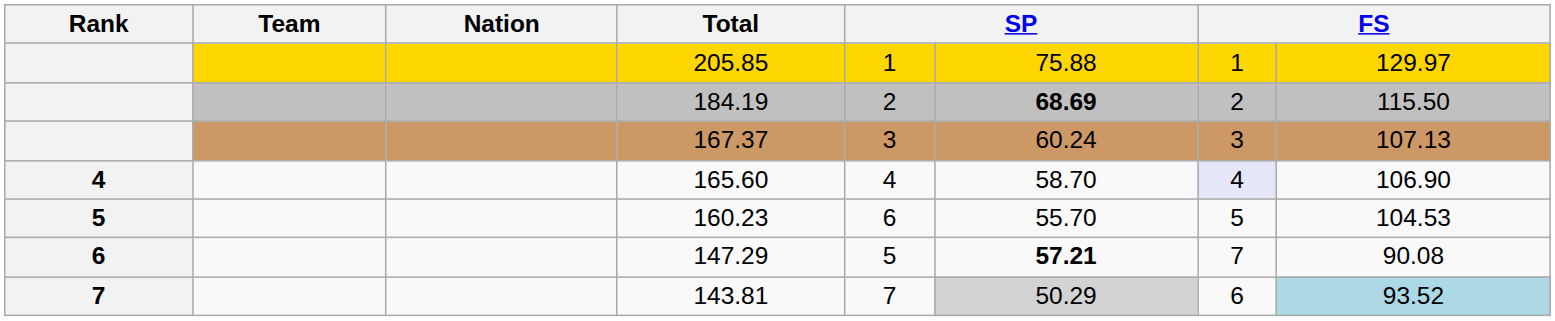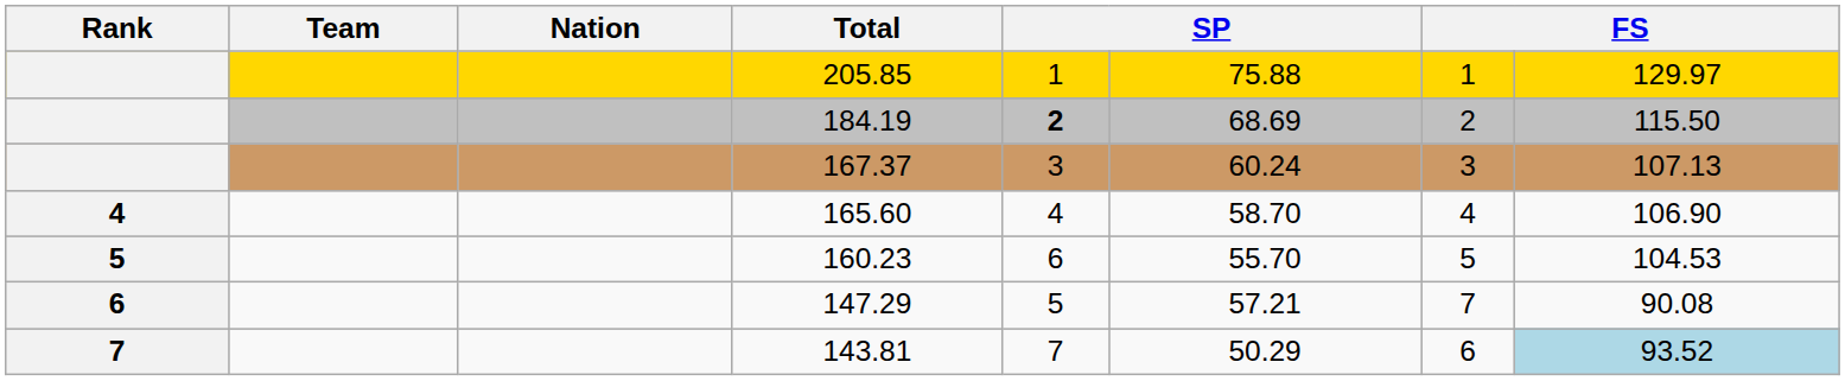 <table class="wikitable sortable" style="text-align:left; width:80%">
 <tr>
 <th scope="col">Rank</th>
 <th scope="col">Team</th>
 <th scope="col">Nation</th>
 <th scope="col">Total</th>
 <th scope="col" colspan="2" width="80px"><a href='#'>SP</a></th>
 <th scope="col" colspan="2" width="80px"><a href='#'>FS</a></th>
 </tr>
 <tr bgcolor="gold">
 <th scope="row"></th>
 <td></td>
 <td></td>
 <td align="center">205.85</td>
 <td align="center">1</td>
 <td align="center">75.88</td>
 <td align="center">1</td>
 <td align="center">129.97</td>
 </tr>
 <tr bgcolor="silver">
 <th scope="row"></th>
 <td></td>
 <td></td>
 <td align="center">184.19</td>
-<td align="center">2</td>
-<td align="center"><strong>68.69</strong></td>
+<td align="center"><strong>2</strong></td>
+<td align="center">68.69</td>
 <td align="center">2</td>
 <td align="center">115.50</td>
 </tr>
 <tr bgcolor="cc9966">
 <th scope="row"></th>
 <td></td>
 <td></td>
 <td align="center">167.37</td>
 <td align="center">3</td>
 <td align="center">60.24</td>
 <td align="center">3</td>
 <td align="center">107.13</td>
 </tr>
 <tr>
 <th scope="row">4</th>
 <td></td>
 <td></td>
 <td align="center">165.60</td>
 <td align="center">4</td>
 <td align="center">58.70</td>
-<td align="center" style="background: lavender;">4</td>
+<td align="center">4</td>
 <td align="center">106.90</td>
 </tr>
 <tr>
 <th scope="row">5</th>
 <td></td>
 <td></td>
 <td align="center">160.23</td>
 <td align="center">6</td>
 <td align="center">55.70</td>
 <td align="center">5</td>
 <td align="center">104.53</td>
 </tr>
 <tr>
 <th scope="row">6</th>
 <td></td>
 <td></td>
 <td align="center">147.29</td>
 <td align="center">5</td>
-<td align="center"><strong>57.21</strong></td>
+<td align="center">57.21</td>
 <td align="center">7</td>
 <td align="center">90.08</td>
 </tr>
 <tr>
 <th scope="row">7</th>
 <td></td>
 <td></td>
 <td align="center">143.81</td>
 <td align="center">7</td>
-<td align="center" style="background: lightgrey;">50.29</td>
+<td align="center">50.29</td>
 <td align="center">6</td>
 <td align="center" style="background: lightblue;">93.52</td>
 </tr>
 </table>
